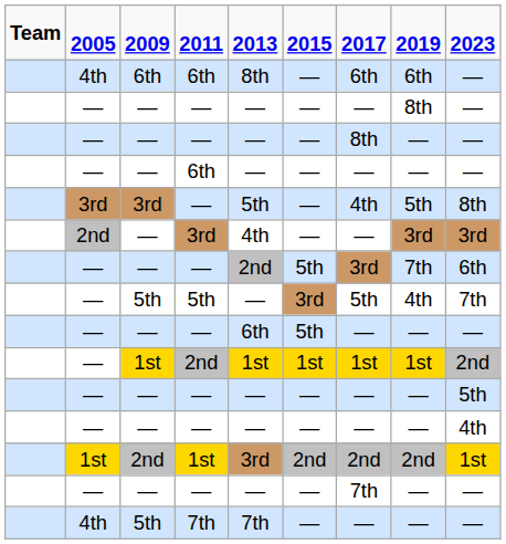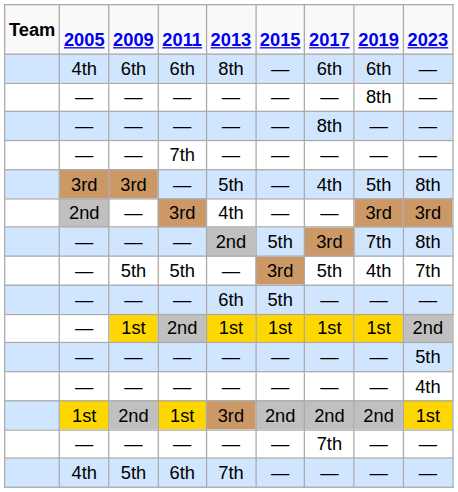 <table class="wikitable" style="text-align:center; font-size:90%">
 <tr>
 <td><strong>Team</strong></td>
 <td><strong><br><a href='#'>2005</a></strong></td>
 <td><strong><br><a href='#'>2009</a></strong></td>
 <td><strong><br><a href='#'>2011</a></strong></td>
 <td><strong><br><a href='#'>2013</a></strong></td>
 <td><strong><br><a href='#'>2015</a></strong></td>
 <td><strong><br><a href='#'>2017</a></strong></td>
 <td><strong><br><a href='#'>2019</a></strong></td>
 <td><strong><br><a href='#'>2023</a></strong></td>
 </tr>
 <tr bgcolor=#D0E6FF>
 <td align=left></td>
 <td>4th</td>
 <td>6th</td>
 <td>6th</td>
 <td>8th</td>
 <td>—</td>
 <td>6th</td>
 <td>6th</td>
 <td>—</td>
 </tr>
 <tr bgcolor=#FFFFFF>
 <td align=left></td>
 <td>—</td>
 <td>—</td>
 <td>—</td>
 <td>—</td>
 <td>—</td>
 <td>—</td>
 <td>8th</td>
 <td>—</td>
 </tr>
 <tr bgcolor=#D0E6FF>
 <td align=left></td>
 <td>—</td>
 <td>—</td>
 <td>—</td>
 <td>—</td>
 <td>—</td>
 <td>8th</td>
 <td>—</td>
 <td>—</td>
 </tr>
 <tr bgcolor=#FFFFFF>
 <td align=left></td>
 <td>—</td>
 <td>—</td>
-<td>6th</td>
+<td>7th</td>
 <td>—</td>
 <td>—</td>
 <td>—</td>
 <td>—</td>
 <td>—</td>
 </tr>
 <tr bgcolor=#D0E6FF>
 <td align=left></td>
 <td bgcolor=#cc9966>3rd</td>
 <td bgcolor=#cc9966>3rd</td>
 <td>—</td>
 <td>5th</td>
 <td>—</td>
 <td>4th</td>
 <td>5th</td>
 <td>8th</td>
 </tr>
 <tr bgcolor=#FFFFFF>
 <td align=left></td>
 <td bgcolor=silver>2nd</td>
 <td>—</td>
 <td bgcolor=#cc9966>3rd</td>
 <td>4th</td>
 <td>—</td>
 <td>—</td>
 <td bgcolor=#cc9966>3rd</td>
 <td bgcolor=#cc9966>3rd</td>
 </tr>
 <tr bgcolor=#D0E6FF>
 <td align=left></td>
 <td>—</td>
 <td>—</td>
 <td>—</td>
 <td bgcolor=silver>2nd</td>
 <td>5th</td>
 <td bgcolor=#cc9966>3rd</td>
 <td>7th</td>
-<td>6th</td>
+<td>8th</td>
 </tr>
 <tr bgcolor=#FFFFFF>
 <td align=left></td>
 <td>—</td>
 <td>5th</td>
 <td>5th</td>
 <td>—</td>
 <td bgcolor=#cc9966>3rd</td>
 <td>5th</td>
 <td>4th</td>
 <td>7th</td>
 </tr>
 <tr bgcolor=#D0E6FF>
 <td align=left></td>
 <td>—</td>
 <td>—</td>
 <td>—</td>
 <td>6th</td>
 <td>5th</td>
 <td>—</td>
 <td>—</td>
 <td>—</td>
 </tr>
 <tr bgcolor=#FFFFFF>
 <td align=left></td>
 <td>—</td>
 <td bgcolor=gold>1st</td>
 <td bgcolor=silver>2nd</td>
 <td bgcolor=gold>1st</td>
 <td bgcolor=gold>1st</td>
 <td bgcolor=gold>1st</td>
 <td bgcolor=gold>1st</td>
 <td bgcolor=silver>2nd</td>
 </tr>
 <tr bgcolor=#D0E6FF>
 <td align=left></td>
 <td>—</td>
 <td>—</td>
 <td>—</td>
 <td>—</td>
 <td>—</td>
 <td>—</td>
 <td>—</td>
 <td>5th</td>
 </tr>
 <tr bgcolor=#FFFFFF>
 <td align=left></td>
 <td>—</td>
 <td>—</td>
 <td>—</td>
 <td>—</td>
 <td>—</td>
 <td>—</td>
 <td>—</td>
 <td>4th</td>
 </tr>
 <tr bgcolor=#D0E6FF>
 <td align=left></td>
 <td bgcolor=gold>1st</td>
 <td bgcolor=silver>2nd</td>
 <td bgcolor=gold>1st</td>
 <td bgcolor=#cc9966>3rd</td>
 <td bgcolor=silver>2nd</td>
 <td bgcolor=silver>2nd</td>
 <td bgcolor=silver>2nd</td>
 <td bgcolor=gold>1st</td>
 </tr>
 <tr bgcolor=#FFFFFF>
 <td align=left></td>
 <td>—</td>
 <td>—</td>
 <td>—</td>
 <td>—</td>
 <td>—</td>
 <td>7th</td>
 <td>—</td>
 <td>—</td>
 </tr>
 <tr bgcolor=#D0E6FF>
 <td align=left></td>
 <td>4th</td>
 <td>5th</td>
-<td>7th</td>
+<td>6th</td>
 <td>7th</td>
 <td>—</td>
 <td>—</td>
 <td>—</td>
 <td>—</td>
 </tr>
 </table>
